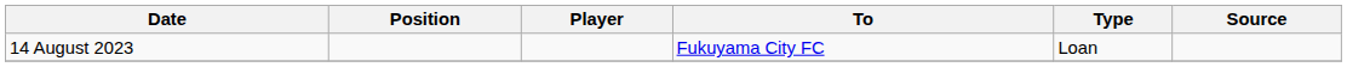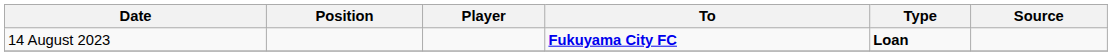 <table class="wikitable sortable" style="width:90%; text-align:center; font-size:95%; text-align:left;">
 <tr>
 <th>Date</th>
 <th>Position</th>
 <th>Player</th>
 <th>To</th>
 <th>Type</th>
 <th>Source</th>
 </tr>
 <tr>
 <td>14 August 2023</td>
 <td></td>
 <td></td>
-<td> <a href='#'>Fukuyama City FC</a></td>
-<td>Loan</td>
+<td><strong> <a href='#'>Fukuyama City FC</a></strong></td>
+<td><strong>Loan</strong></td>
 <td></td>
 </tr>
 <tr>
 </tr>
 </table>
